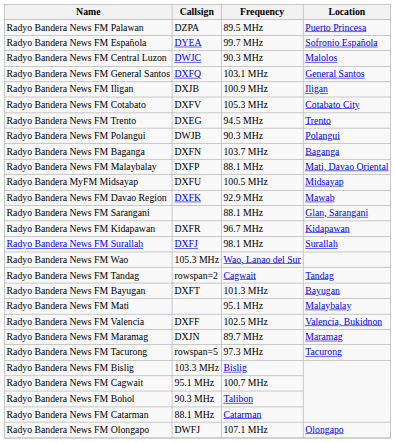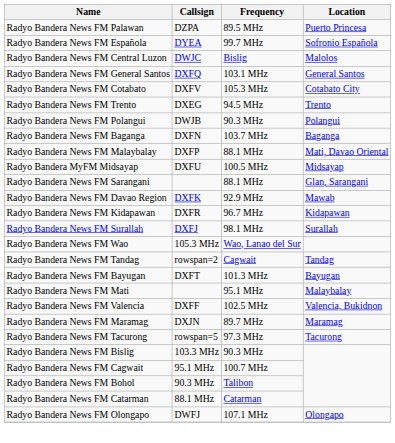 <table class="wikitable">
 <tr>
 <th>Name</th>
 <th>Callsign</th>
 <th>Frequency</th>
 <th>Location</th>
 </tr>
 <tr>
 <td>Radyo Bandera News FM Palawan</td>
 <td>DZPA</td>
 <td>89.5 MHz</td>
 <td><a href='#'>Puerto Princesa</a></td>
 </tr>
 <tr>
 <td>Radyo Bandera News FM Española</td>
 <td><a href='#'>DYEA</a></td>
 <td>99.7 MHz</td>
 <td><a href='#'>Sofronio Española</a></td>
 </tr>
 <tr>
 <td>Radyo Bandera News FM Central Luzon</td>
 <td><a href='#'>DWJC</a></td>
-<td>90.3 MHz</td>
+<td><a href='#'>Bislig</a></td>
 <td><a href='#'>Malolos</a></td>
 </tr>
 <tr>
 <td>Radyo Bandera News FM General Santos</td>
 <td><a href='#'>DXFQ</a></td>
 <td>103.1 MHz</td>
 <td><a href='#'>General Santos</a></td>
-</tr>
-<tr>
-<td>Radyo Bandera News FM Iligan</td>
-<td>DXJB</td>
-<td>100.9 MHz</td>
-<td><a href='#'>Iligan</a></td>
 </tr>
 <tr>
 <td>Radyo Bandera News FM Cotabato</td>
 <td>DXFV</td>
 <td>105.3 MHz</td>
 <td><a href='#'>Cotabato City</a></td>
 </tr>
 <tr>
 <td>Radyo Bandera News FM Trento</td>
 <td>DXEG</td>
 <td>94.5 MHz</td>
 <td><a href='#'>Trento</a></td>
 </tr>
 <tr>
 <td>Radyo Bandera News FM Polangui</td>
 <td>DWJB</td>
 <td>90.3 MHz</td>
 <td><a href='#'>Polangui</a></td>
 </tr>
 <tr>
 <td>Radyo Bandera News FM Baganga</td>
 <td>DXFN</td>
 <td>103.7 MHz</td>
 <td><a href='#'>Baganga</a></td>
 </tr>
 <tr>
 <td>Radyo Bandera News FM Malaybalay</td>
 <td>DXFP</td>
 <td>88.1 MHz</td>
 <td><a href='#'>Mati, Davao Oriental</a></td>
 </tr>
 <tr>
 <td>Radyo Bandera MyFM Midsayap</td>
 <td>DXFU</td>
 <td>100.5 MHz</td>
 <td><a href='#'>Midsayap</a></td>
 </tr>
 <tr>
+<td>Radyo Bandera News FM Sarangani</td>
+<td></td>
+<td>88.1 MHz</td>
+<td><a href='#'>Glan, Sarangani</a></td>
+</tr>
+<tr>
 <td>Radyo Bandera News FM Davao Region</td>
 <td><a href='#'>DXFK</a></td>
 <td>92.9 MHz</td>
 <td><a href='#'>Mawab</a></td>
-</tr>
-<tr>
-<td>Radyo Bandera News FM Sarangani</td>
-<td></td>
-<td>88.1 MHz</td>
-<td><a href='#'>Glan, Sarangani</a></td>
 </tr>
 <tr>
 <td>Radyo Bandera News FM Kidapawan</td>
 <td>DXFR</td>
 <td>96.7 MHz</td>
 <td><a href='#'>Kidapawan</a></td>
 </tr>
 <tr>
 <td><a href='#'>Radyo Bandera News FM Surallah</a></td>
 <td><a href='#'>DXFJ</a></td>
 <td>98.1 MHz</td>
 <td><a href='#'>Surallah</a></td>
 </tr>
 <tr>
 <td>Radyo Bandera News FM Wao</td>
 <td>105.3 MHz</td>
 <td><a href='#'>Wao, Lanao del Sur</a></td>
 </tr>
 <tr>
 <td>Radyo Bandera News FM Tandag</td>
 <td>rowspan=2 </td>
 <td><a href='#'>Cagwait</a></td>
 <td><a href='#'>Tandag</a></td>
 </tr>
 <tr>
 <td>Radyo Bandera News FM Bayugan</td>
 <td>DXFT</td>
 <td>101.3 MHz</td>
 <td><a href='#'>Bayugan</a></td>
 </tr>
 <tr>
 <td>Radyo Bandera News FM Mati</td>
 <td></td>
 <td>95.1 MHz</td>
 <td><a href='#'>Malaybalay</a></td>
 </tr>
 <tr>
 <td>Radyo Bandera News FM Valencia</td>
 <td>DXFF</td>
 <td>102.5 MHz</td>
 <td><a href='#'>Valencia, Bukidnon</a></td>
 </tr>
 <tr>
 <td>Radyo Bandera News FM Maramag</td>
 <td>DXJN</td>
 <td>89.7 MHz</td>
 <td><a href='#'>Maramag</a></td>
 </tr>
 <tr>
 <td>Radyo Bandera News FM Tacurong</td>
 <td>rowspan=5 </td>
 <td>97.3 MHz</td>
 <td><a href='#'>Tacurong</a></td>
 </tr>
 <tr>
 <td>Radyo Bandera News FM Bislig</td>
 <td>103.3 MHz</td>
-<td><a href='#'>Bislig</a></td>
+<td>90.3 MHz</td>
 </tr>
 <tr>
 <td>Radyo Bandera News FM Cagwait</td>
 <td>95.1 MHz</td>
 <td>100.7 MHz</td>
 </tr>
 <tr>
 <td>Radyo Bandera News FM Bohol</td>
 <td>90.3 MHz</td>
 <td><a href='#'>Talibon</a></td>
 </tr>
 <tr>
 <td>Radyo Bandera News FM Catarman</td>
 <td>88.1 MHz</td>
 <td><a href='#'>Catarman</a></td>
 </tr>
 <tr>
 <td>Radyo Bandera News FM Olongapo</td>
 <td>DWFJ</td>
 <td>107.1 MHz</td>
 <td><a href='#'>Olongapo</a></td>
 </tr>
 <tr>
 </tr>
 </table>
